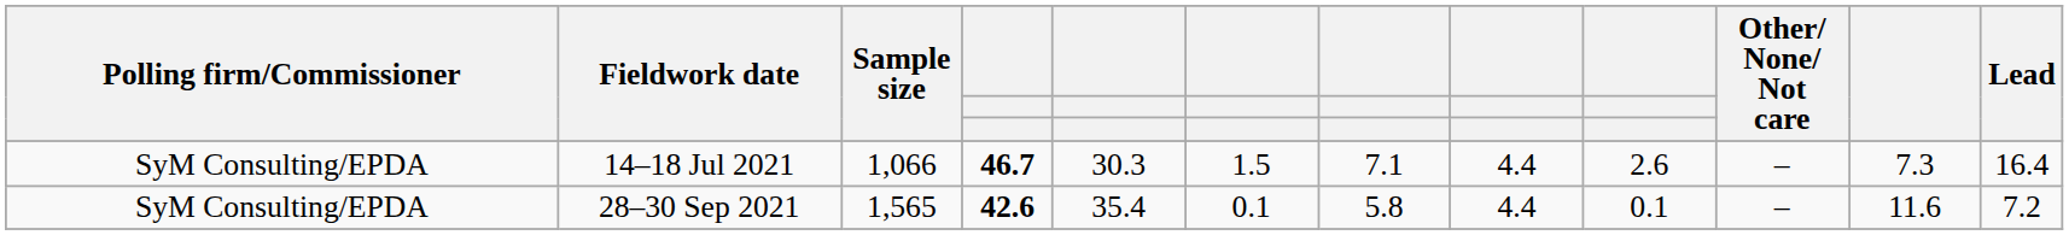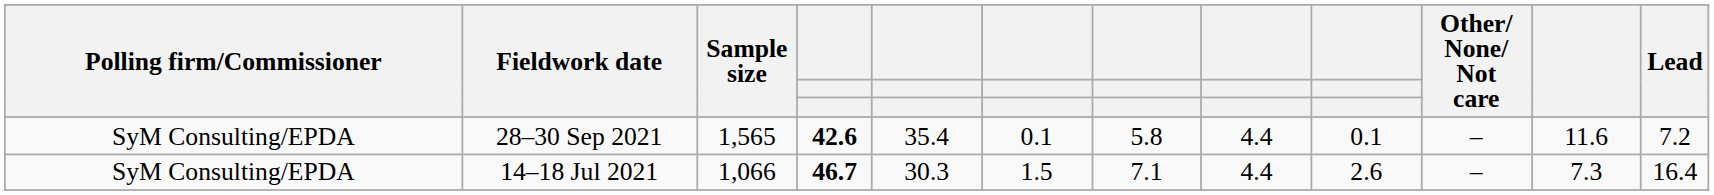 <table class="wikitable collapsible collapsed" style="text-align:center; font-size:90%; line-height:14px;">
 <tr style="height:42px;">
 <th style="width:250px;" rowspan="3">Polling firm/Commissioner</th>
 <th style="width:125px;" rowspan="3">Fieldwork date</th>
 <th style="width:50px;" rowspan="3">Sample size</th>
 <th style="width:35px;"></th>
 <th style="width:55px;"></th>
 <th style="width:55px;"></th>
 <th style="width:55px;"></th>
 <th style="width:55px;"></th>
 <th style="width:55px;"></th>
 <th style="width:55px;" rowspan="3">Other/<br>None/<br>Not<br>care</th>
 <th style="width:55px;" rowspan="3"></th>
 <th style="width:30px;" rowspan="3">Lead</th>
 </tr>
 <tr>
 <th style="color:inherit;background:"></th>
 <th style="color:inherit;background:"></th>
 <th style="color:inherit;background:"></th>
 <th style="color:inherit;background:"></th>
 <th style="color:inherit;background:"></th>
 <th style="color:inherit;background:"></th>
 </tr>
 <tr>
 <th></th>
 <th></th>
 <th></th>
 <th></th>
 <th></th>
 <th></th>
 </tr>
 <tr>
 <td>SyM Consulting/EPDA</td>
+<td>28–30 Sep 2021</td>
+<td>1,565</td>
+<td><strong>42.6</strong></td>
+<td>35.4</td>
+<td>0.1</td>
+<td>5.8</td>
+<td>4.4</td>
+<td>0.1</td>
+<td>–</td>
+<td>11.6</td>
+<td style="background:">7.2</td>
+</tr>
+<tr>
+<td>SyM Consulting/EPDA</td>
 <td>14–18 Jul 2021</td>
 <td>1,066</td>
 <td><strong>46.7</strong></td>
 <td>30.3</td>
 <td>1.5</td>
 <td>7.1</td>
 <td>4.4</td>
 <td>2.6</td>
 <td>–</td>
 <td>7.3</td>
 <td style="background:">16.4</td>
 </tr>
-<tr>
-<td>SyM Consulting/EPDA</td>
-<td>28–30 Sep 2021</td>
-<td>1,565</td>
-<td><strong>42.6</strong></td>
-<td>35.4</td>
-<td>0.1</td>
-<td>5.8</td>
-<td>4.4</td>
-<td>0.1</td>
-<td>–</td>
-<td>11.6</td>
-<td style="background:">7.2</td>
-</tr>
 </table>
